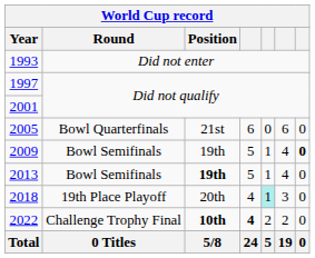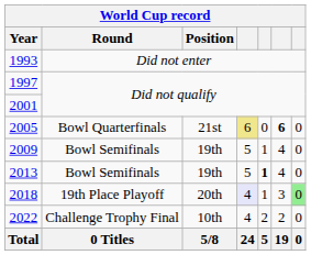 <table class="wikitable" style="text-align: center;">
 <tr>
 <th colspan=7><a href='#'>World Cup record</a></th>
 </tr>
 <tr>
 <th>Year</th>
 <th>Round</th>
 <th>Position</th>
 <th></th>
 <th></th>
 <th></th>
 <th></th>
 </tr>
 <tr>
 <td> <a href='#'>1993</a></td>
 <td colspan=6><em>Did not enter</em></td>
 </tr>
 <tr>
 <td><a href='#'>1997</a></td>
 <td colspan=6 rowspan=2><em>Did not qualify</em></td>
 </tr>
 <tr>
 <td> <a href='#'>2001</a></td>
 </tr>
 <tr>
 <td> <a href='#'>2005</a></td>
 <td>Bowl Quarterfinals</td>
 <td>21st</td>
-<td>6</td>
+<td style="background: khaki;">6</td>
 <td>0</td>
-<td>6</td>
+<td><strong>6</strong></td>
 <td>0</td>
 </tr>
 <tr>
 <td> <a href='#'>2009</a></td>
 <td>Bowl Semifinals</td>
 <td>19th</td>
 <td>5</td>
 <td>1</td>
 <td>4</td>
-<td><strong>0</strong></td>
+<td>0</td>
 </tr>
 <tr>
 <td> <a href='#'>2013</a></td>
 <td>Bowl Semifinals</td>
-<td><strong>19th</strong></td>
+<td>19th</td>
 <td>5</td>
-<td>1</td>
+<td><strong>1</strong></td>
 <td>4</td>
 <td>0</td>
 </tr>
 <tr>
 <td> <a href='#'>2018</a></td>
 <td>19th Place Playoff</td>
 <td>20th</td>
-<td>4</td>
-<td style="background: paleturquoise;">1</td>
+<td style="background: lavender;">4</td>
+<td>1</td>
 <td>3</td>
-<td>0</td>
+<td style="background: lightgreen;">0</td>
 </tr>
 <tr>
 <td> <a href='#'>2022</a></td>
 <td>Challenge Trophy Final</td>
-<td><strong>10th</strong></td>
-<td><strong>4</strong></td>
+<td>10th</td>
+<td>4</td>
 <td>2</td>
 <td>2</td>
 <td>0</td>
 </tr>
 <tr>
 <th>Total</th>
 <th>0 Titles</th>
 <th>5/8</th>
 <th>24</th>
 <th>5</th>
 <th>19</th>
 <th>0</th>
 </tr>
 </table>
